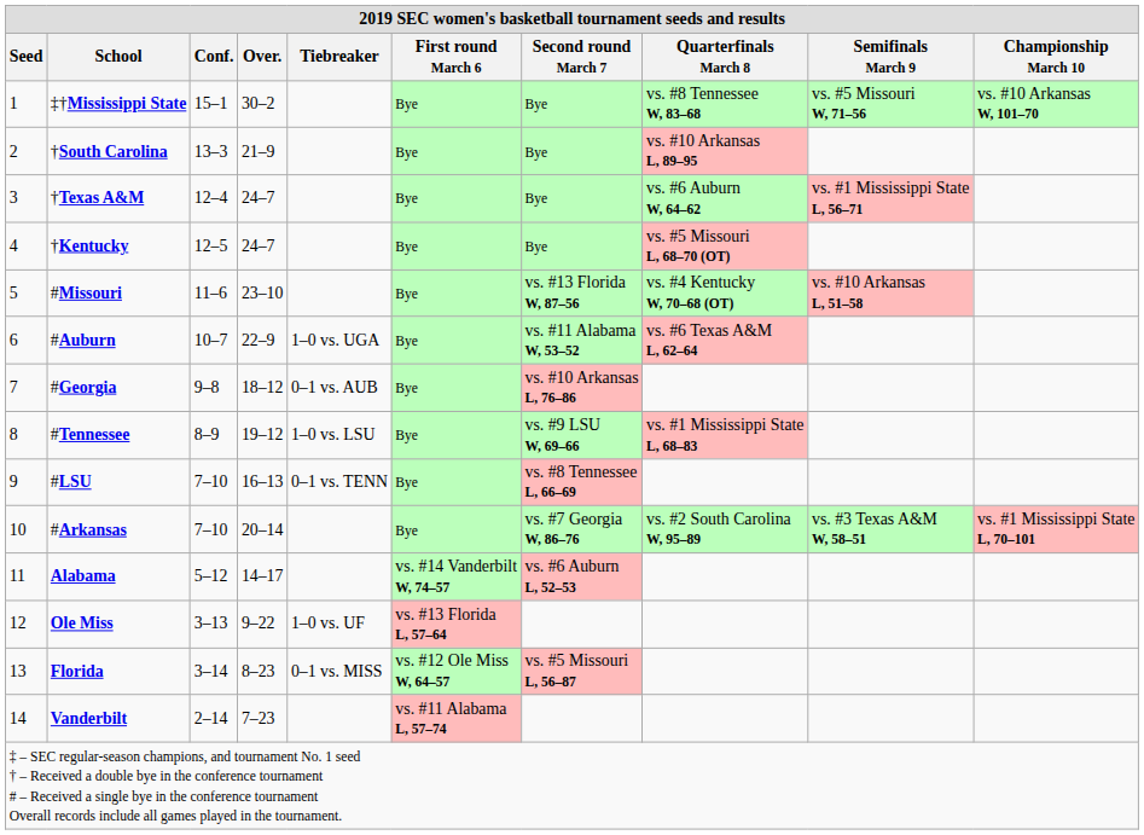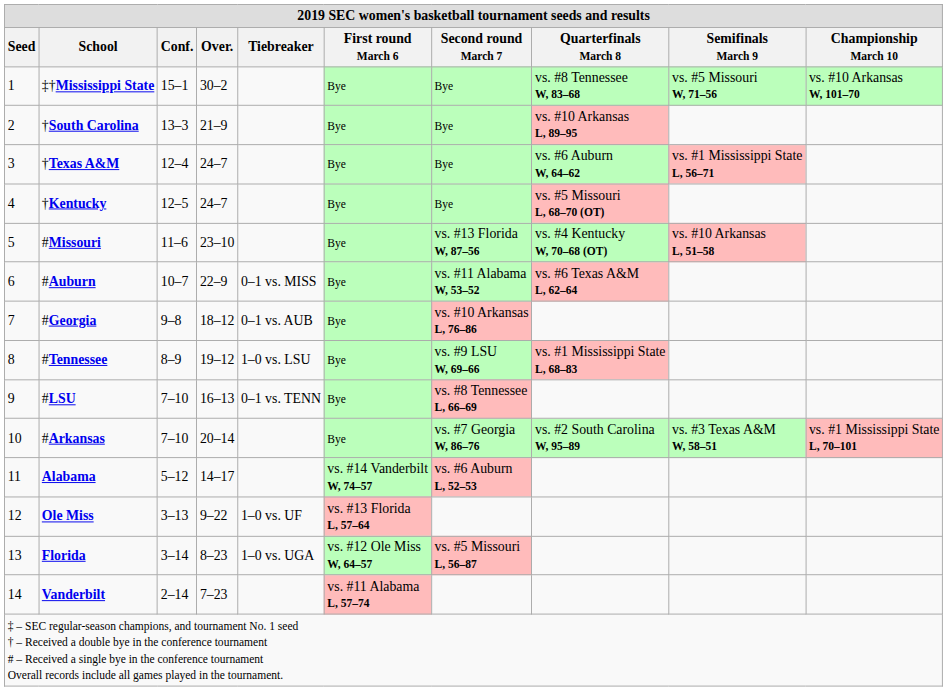 <table class="wikitable" style="white-space:nowrap; font-size:90%;">
 <tr>
 <td colspan="10" style="text-align:center; background:#DDDDDD; font:#000000"><strong>2019 SEC women's basketball tournament seeds and results</strong></td>
 </tr>
 <tr bgcolor="#efefef">
 <th>Seed</th>
 <th>School</th>
 <th>Conf.</th>
 <th>Over.</th>
 <th>Tiebreaker</th>
 <th>First round<br><small>March 6</small></th>
 <th>Second round<br><small>March 7</small></th>
 <th>Quarterfinals<br><small>March 8</small></th>
 <th>Semifinals<br><small>March 9</small></th>
 <th>Championship<br><small>March 10</small></th>
 </tr>
 <tr>
 <td>1</td>
 <td>‡†<strong><a href='#'>Mississippi State</a></strong></td>
 <td>15–1</td>
 <td>30–2</td>
 <td></td>
 <td style="background:#bfb;"><small>Bye</small></td>
 <td style="background:#bfb;"><small>Bye</small></td>
 <td style="background:#bfb;">vs. #8 Tennessee<br><small><strong>W, 83–68</strong></small></td>
 <td style="background:#bfb;">vs. #5 Missouri<br><small><strong>W, 71–56</strong></small></td>
 <td style="background:#bfb;">vs. #10 Arkansas<br><small><strong>W, 101–70</strong></small></td>
 </tr>
 <tr>
 <td>2</td>
 <td>†<strong><a href='#'>South Carolina</a> </strong></td>
 <td>13–3</td>
 <td>21–9</td>
 <td></td>
 <td style="background:#bfb;"><small>Bye</small></td>
 <td style="background:#bfb;"><small>Bye</small></td>
 <td style="background:#fbb;">vs. #10 Arkansas<br><small><strong>L, 89–95</strong></small></td>
 <td></td>
 <td></td>
 </tr>
 <tr>
 <td>3</td>
 <td>†<strong><a href='#'>Texas A&M</a></strong></td>
 <td>12–4</td>
 <td>24–7</td>
 <td></td>
 <td style="background:#bfb;"><small>Bye</small></td>
 <td style="background:#bfb;"><small>Bye</small></td>
 <td style="background:#bfb;">vs. #6 Auburn<br><small><strong>W, 64–62</strong></small></td>
 <td style="background:#fbb;">vs. #1 Mississippi State<br><small><strong>L, 56–71</strong></small></td>
 <td></td>
 </tr>
 <tr>
 <td>4</td>
 <td>†<strong><a href='#'>Kentucky</a></strong></td>
 <td>12–5</td>
 <td>24–7</td>
 <td></td>
 <td style="background:#bfb;"><small>Bye</small></td>
 <td style="background:#bfb;"><small>Bye</small></td>
 <td style="background:#fbb;">vs. #5 Missouri<br><small><strong>L, 68–70 (OT)</strong></small></td>
 <td></td>
 <td></td>
 </tr>
 <tr>
 <td>5</td>
 <td>#<strong><a href='#'>Missouri</a></strong></td>
 <td>11–6</td>
 <td>23–10</td>
 <td></td>
 <td style="background:#bfb;"><small>Bye</small></td>
 <td style="background:#bfb;">vs. #13 Florida<br><small><strong>W, 87–56</strong></small></td>
 <td style="background:#bfb;">vs. #4 Kentucky<br><small><strong>W, 70–68 (OT)</strong></small></td>
 <td style="background:#fbb;">vs. #10 Arkansas<br><small><strong>L, 51–58</strong></small></td>
 <td></td>
 </tr>
 <tr>
 <td>6</td>
 <td>#<strong><a href='#'>Auburn</a></strong></td>
 <td>10–7</td>
 <td>22–9</td>
-<td>1–0 vs. UGA</td>
+<td>0–1 vs. MISS</td>
 <td style="background:#bfb;"><small>Bye</small></td>
 <td style="background:#bfb;">vs. #11 Alabama<br><small><strong>W, 53–52</strong></small></td>
 <td style="background:#fbb;">vs. #6 Texas A&M<br><small><strong>L, 62–64</strong></small></td>
 <td></td>
 <td></td>
 </tr>
 <tr>
 <td>7</td>
 <td>#<strong><a href='#'>Georgia</a></strong></td>
 <td>9–8</td>
 <td>18–12</td>
 <td>0–1 vs. AUB</td>
 <td style="background:#bfb;"><small>Bye</small></td>
 <td style="background:#fbb;">vs. #10 Arkansas<br><small><strong>L, 76–86</strong></small></td>
 <td></td>
 <td></td>
 <td></td>
 </tr>
 <tr>
 <td>8</td>
 <td>#<strong><a href='#'>Tennessee</a></strong></td>
 <td>8–9</td>
 <td>19–12</td>
 <td>1–0 vs. LSU</td>
 <td style="background:#bfb;"><small>Bye</small></td>
 <td style="background:#bfb;">vs. #9 LSU<br><small><strong>W, 69–66</strong></small></td>
 <td style="background:#fbb;">vs. #1 Mississippi State<br><small><strong>L, 68–83</strong></small></td>
 <td></td>
 <td></td>
 </tr>
 <tr>
 <td>9</td>
 <td>#<strong><a href='#'>LSU</a></strong></td>
 <td>7–10</td>
 <td>16–13</td>
 <td>0–1 vs. TENN</td>
 <td style="background:#bfb;"><small>Bye</small></td>
 <td style="background:#fbb;">vs. #8 Tennessee<br><small><strong>L, 66–69</strong></small></td>
 <td></td>
 <td></td>
 <td></td>
 </tr>
 <tr>
 <td>10</td>
 <td>#<strong><a href='#'>Arkansas</a></strong></td>
 <td>7–10</td>
 <td>20–14</td>
 <td></td>
 <td style="background:#bfb;"><small>Bye</small></td>
 <td style="background:#bfb;">vs. #7 Georgia<br><small><strong>W, 86–76</strong></small></td>
 <td style="background:#bfb;">vs. #2 South Carolina<br><small><strong>W, 95–89</strong></small></td>
 <td style="background:#bfb;">vs. #3 Texas A&M<br><small><strong>W, 58–51</strong></small></td>
 <td style="background:#fbb;">vs. #1 Mississippi State<br><small><strong>L, 70–101</strong></small></td>
 </tr>
 <tr>
 <td>11</td>
 <td><strong><a href='#'>Alabama</a></strong></td>
 <td>5–12</td>
 <td>14–17</td>
 <td></td>
 <td style="background:#bfb;">vs. #14 Vanderbilt<br><small><strong>W, 74–57</strong></small></td>
 <td style="background:#fbb;">vs. #6 Auburn<br><small><strong>L, 52–53</strong></small></td>
 <td></td>
 <td></td>
 <td></td>
 </tr>
 <tr>
 <td>12</td>
 <td><strong><a href='#'>Ole Miss</a></strong></td>
 <td>3–13</td>
 <td>9–22</td>
 <td>1–0 vs. UF</td>
 <td style="background:#fbb;">vs. #13 Florida<br><small><strong>L, 57–64</strong></small></td>
 <td></td>
 <td></td>
 <td></td>
 <td></td>
 </tr>
 <tr>
 <td>13</td>
 <td><strong><a href='#'>Florida</a></strong></td>
 <td>3–14</td>
 <td>8–23</td>
-<td>0–1 vs. MISS</td>
+<td>1–0 vs. UGA</td>
 <td style="background:#bfb;">vs. #12 Ole Miss<br><small><strong>W, 64–57</strong></small></td>
 <td style="background:#fbb;">vs. #5 Missouri<br><small><strong>L, 56–87</strong></small></td>
 <td></td>
 <td></td>
 <td></td>
 </tr>
 <tr>
 <td>14</td>
 <td><strong><a href='#'>Vanderbilt</a></strong></td>
 <td>2–14</td>
 <td>7–23</td>
 <td></td>
 <td style="background:#fbb;">vs. #11 Alabama<br><small><strong>L, 57–74</strong></small></td>
 <td></td>
 <td></td>
 <td></td>
 <td></td>
 </tr>
 <tr>
 <td colspan="10" style="text-align:left;"><small>‡ – SEC regular-season champions, and tournament No. 1 seed<br>† – Received a double bye in the conference tournament<br># – Received a single bye in the conference tournament<br>Overall records include all games played in the tournament.</small></td>
 </tr>
 </table>
